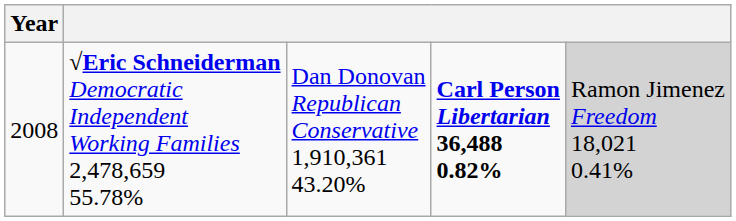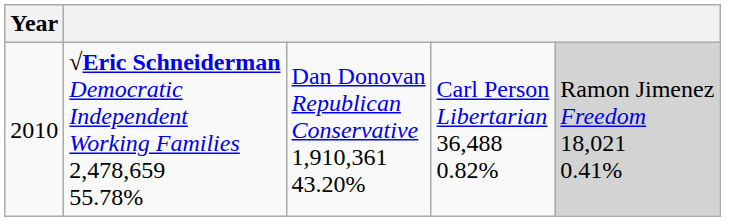 <table class="wikitable">
 <tr>
 <th>Year</th>
 <th colspan="4"></th>
 </tr>
 <tr>
-<td>2008</td>
+<td>2010</td>
 <td><strong>√<a href='#'>Eric Schneiderman</a></strong><br><em><a href='#'>Democratic</a><br><a href='#'>Independent</a><br><a href='#'>Working Families</a></em><br>2,478,659<br>55.78%</td>
 <td><a href='#'>Dan Donovan</a><br><em><a href='#'>Republican</a><br><a href='#'>Conservative</a></em><br>1,910,361<br>43.20%</td>
-<td><strong><a href='#'>Carl Person</a><br><em><a href='#'>Libertarian</a></em><br>36,488<br>0.82%</strong></td>
+<td><a href='#'>Carl Person</a><br><em><a href='#'>Libertarian</a></em><br>36,488<br>0.82%</td>
 <td style="background: lightgrey;">Ramon Jimenez<br><em><a href='#'>Freedom</a></em><br>18,021<br>0.41%</td>
 </tr>
 </table>
